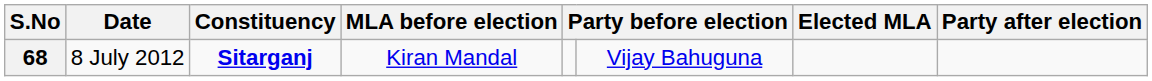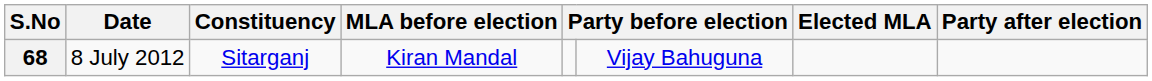 <table class="wikitable sortable" style="text-align:center;">
 <tr>
 <th>S.No</th>
 <th>Date</th>
 <th>Constituency</th>
 <th>MLA before election</th>
 <th colspan="2">Party before election</th>
 <th>Elected MLA</th>
 <th colspan="2">Party after election</th>
 </tr>
 <tr>
 <th>68</th>
 <td>8 July 2012</td>
-<td><strong><a href='#'>Sitarganj</a></strong></td>
+<td><a href='#'>Sitarganj</a></td>
 <td><a href='#'>Kiran Mandal</a></td>
 <td></td>
 <td><a href='#'>Vijay Bahuguna</a></td>
 <td></td>
 </tr>
 </table>
